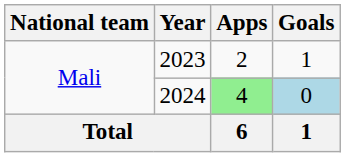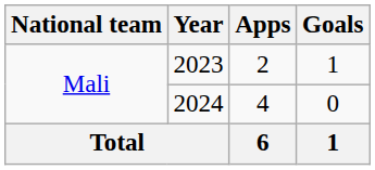 <table class="wikitable" style="text-align:center">
 <tr>
 <th>National team</th>
 <th>Year</th>
 <th>Apps</th>
 <th>Goals</th>
 </tr>
 <tr>
 <td rowspan="2"><a href='#'>Mali</a></td>
 <td>2023</td>
 <td>2</td>
 <td>1</td>
 </tr>
 <tr>
 <td>2024</td>
-<td style="background: lightgreen;">4</td>
-<td style="background: lightblue;">0</td>
+<td>4</td>
+<td>0</td>
 </tr>
 <tr>
 <th colspan="2">Total</th>
 <th>6</th>
 <th>1</th>
 </tr>
 </table>
